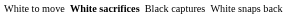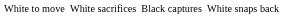 <table border="0" cellspacing="0" cellpadding="0">
 <tr valign="top">
 <td><br></td>
 <td>  </td>
 <td><br></td>
 <td>  </td>
 <td><br></td>
 <td>  </td>
 <td><br></td>
 </tr>
 <tr valign="top">
 <td>White to move</td>
 <td>  </td>
-<td><strong>White sacrifices</strong></td>
+<td>White sacrifices</td>
 <td>  </td>
 <td>Black captures</td>
 <td>  </td>
 <td>White snaps back</td>
 </tr>
 </table>
